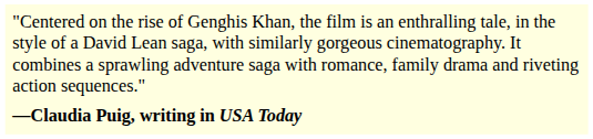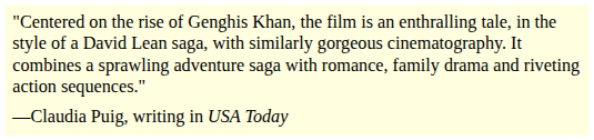 <table class="toccolours" style="float: left; margin-left: 1em; margin-right: 2em; font-size: 85%; background:#FFFFE0; color:black; width:40em; max-width: 35%;" cellspacing="5">
 <tr>
 <td style="text-align: left;">"Centered on the rise of Genghis Khan, the film is an enthralling tale, in the style of a David Lean saga, with similarly gorgeous cinematography. It combines a sprawling adventure saga with romance, family drama and riveting action sequences."</td>
 </tr>
 <tr>
-<td style="text-align: left;"><strong>—Claudia Puig, writing in <em>USA Today</em></strong></td>
+<td style="text-align: left;">—Claudia Puig, writing in <em>USA Today</em></td>
 </tr>
 </table>
